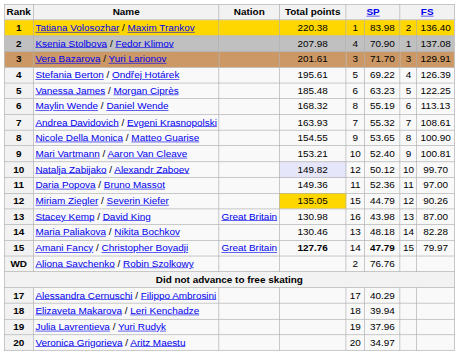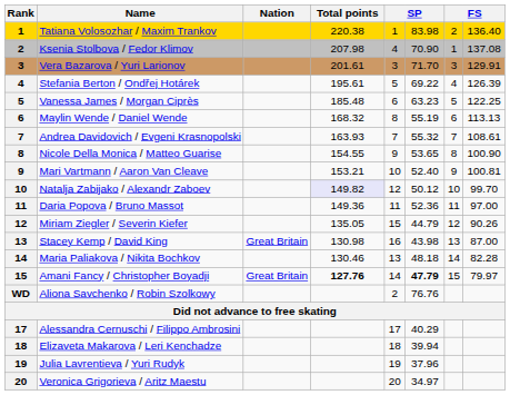 <table class="wikitable sortable">
 <tr>
 <th>Rank</th>
 <th>Name</th>
 <th>Nation</th>
 <th width="100px">Total points</th>
 <th colspan="2" width="80px"><a href='#'>SP</a></th>
 <th colspan="2" width="80px"><a href='#'>FS</a></th>
 </tr>
 <tr bgcolor="gold">
 <td align="center"><strong>1</strong></td>
 <td><a href='#'>Tatiana Volosozhar</a> / <a href='#'>Maxim Trankov</a></td>
 <td></td>
 <td align="center">220.38</td>
 <td align="center">1</td>
 <td align="center">83.98</td>
 <td align="center">2</td>
 <td align="center">136.40</td>
 </tr>
 <tr bgcolor="silver">
 <td align="center"><strong>2</strong></td>
 <td><a href='#'>Ksenia Stolbova</a> / <a href='#'>Fedor Klimov</a></td>
 <td></td>
 <td align="center">207.98</td>
 <td align="center">4</td>
 <td align="center">70.90</td>
 <td align="center">1</td>
 <td align="center">137.08</td>
 </tr>
 <tr bgcolor="cc9966">
 <td align="center"><strong>3</strong></td>
 <td><a href='#'>Vera Bazarova</a> / <a href='#'>Yuri Larionov</a></td>
 <td></td>
 <td align="center">201.61</td>
 <td align="center">3</td>
 <td align="center">71.70</td>
 <td align="center">3</td>
 <td align="center">129.91</td>
 </tr>
 <tr>
 <th>4</th>
 <td><a href='#'>Stefania Berton</a> / <a href='#'>Ondřej Hotárek</a></td>
 <td></td>
 <td align="center">195.61</td>
 <td align="center">5</td>
 <td align="center">69.22</td>
 <td align="center">4</td>
 <td align="center">126.39</td>
 </tr>
 <tr>
 <th>5</th>
 <td><a href='#'>Vanessa James</a> / <a href='#'>Morgan Ciprès</a></td>
 <td></td>
 <td align="center">185.48</td>
 <td align="center">6</td>
 <td align="center">63.23</td>
 <td align="center">5</td>
 <td align="center">122.25</td>
 </tr>
 <tr>
 <th>6</th>
 <td><a href='#'>Maylin Wende</a> / <a href='#'>Daniel Wende</a></td>
 <td></td>
 <td align="center">168.32</td>
 <td align="center">8</td>
 <td align="center">55.19</td>
 <td align="center">6</td>
 <td align="center">113.13</td>
 </tr>
 <tr>
 <th>7</th>
 <td><a href='#'>Andrea Davidovich</a> / <a href='#'>Evgeni Krasnopolski</a></td>
 <td></td>
 <td align="center">163.93</td>
 <td align="center">7</td>
 <td align="center">55.32</td>
 <td align="center">7</td>
 <td align="center">108.61</td>
 </tr>
 <tr>
 <th>8</th>
 <td><a href='#'>Nicole Della Monica</a> / <a href='#'>Matteo Guarise</a></td>
 <td></td>
 <td align="center">154.55</td>
 <td align="center">9</td>
 <td align="center">53.65</td>
 <td align="center">8</td>
 <td align="center">100.90</td>
 </tr>
 <tr>
 <th>9</th>
 <td><a href='#'>Mari Vartmann</a> / <a href='#'>Aaron Van Cleave</a></td>
 <td></td>
 <td align="center">153.21</td>
 <td align="center">10</td>
 <td align="center">52.40</td>
 <td align="center">9</td>
 <td align="center">100.81</td>
 </tr>
 <tr>
 <th>10</th>
 <td><a href='#'>Natalja Zabijako</a> / <a href='#'>Alexandr Zaboev</a></td>
 <td></td>
 <td align="center" style="background: lavender;">149.82</td>
 <td align="center">12</td>
 <td align="center">50.12</td>
 <td align="center">10</td>
 <td align="center">99.70</td>
 </tr>
 <tr>
 <th>11</th>
 <td><a href='#'>Daria Popova</a> / <a href='#'>Bruno Massot</a></td>
 <td></td>
 <td align="center">149.36</td>
 <td align="center">11</td>
 <td align="center">52.36</td>
 <td align="center">11</td>
 <td align="center">97.00</td>
 </tr>
 <tr>
 <th>12</th>
 <td><a href='#'>Miriam Ziegler</a> / <a href='#'>Severin Kiefer</a></td>
 <td></td>
-<td align="center" style="background: gold;">135.05</td>
+<td align="center">135.05</td>
 <td align="center">15</td>
 <td align="center">44.79</td>
 <td align="center">12</td>
 <td align="center">90.26</td>
 </tr>
 <tr>
 <th>13</th>
 <td><a href='#'>Stacey Kemp</a> / <a href='#'>David King</a></td>
 <td> <a href='#'>Great Britain</a></td>
 <td align="center">130.98</td>
 <td align="center">16</td>
 <td align="center">43.98</td>
 <td align="center">13</td>
 <td align="center">87.00</td>
 </tr>
 <tr>
 <th>14</th>
 <td><a href='#'>Maria Paliakova</a> / <a href='#'>Nikita Bochkov</a></td>
 <td></td>
 <td align="center">130.46</td>
 <td align="center">13</td>
 <td align="center">48.18</td>
 <td align="center">14</td>
 <td align="center">82.28</td>
 </tr>
 <tr>
 <th>15</th>
 <td><a href='#'>Amani Fancy</a> / <a href='#'>Christopher Boyadji</a></td>
 <td> <a href='#'>Great Britain</a></td>
 <td align="center"><strong>127.76</strong></td>
 <td align="center">14</td>
 <td align="center"><strong>47.79</strong></td>
 <td align="center">15</td>
 <td align="center">79.97</td>
 </tr>
 <tr>
 <th>WD</th>
 <td><a href='#'>Aliona Savchenko</a> / <a href='#'>Robin Szolkowy</a></td>
 <td></td>
 <td></td>
 <td align="center">2</td>
 <td align="center">76.76</td>
 <td></td>
 <td></td>
 </tr>
 <tr>
 <th colspan=8>Did not advance to free skating</th>
 </tr>
 <tr>
 <th>17</th>
 <td><a href='#'>Alessandra Cernuschi</a> / <a href='#'>Filippo Ambrosini</a></td>
 <td></td>
 <td></td>
 <td align="center">17</td>
 <td align="center">40.29</td>
 <td></td>
 <td></td>
 </tr>
 <tr>
 <th>18</th>
 <td><a href='#'>Elizaveta Makarova</a> / <a href='#'>Leri Kenchadze</a></td>
 <td></td>
 <td></td>
 <td align="center">18</td>
 <td align="center">39.94</td>
 <td></td>
 <td></td>
 </tr>
 <tr>
 <th>19</th>
 <td><a href='#'>Julia Lavrentieva</a> / <a href='#'>Yuri Rudyk</a></td>
 <td></td>
 <td></td>
 <td align="center">19</td>
 <td align="center">37.96</td>
 <td></td>
 <td></td>
 </tr>
 <tr>
 <th>20</th>
 <td><a href='#'>Veronica Grigorieva</a> / <a href='#'>Aritz Maestu</a></td>
 <td></td>
 <td></td>
 <td align="center">20</td>
 <td align="center">34.97</td>
 <td></td>
 <td></td>
 </tr>
 </table>
